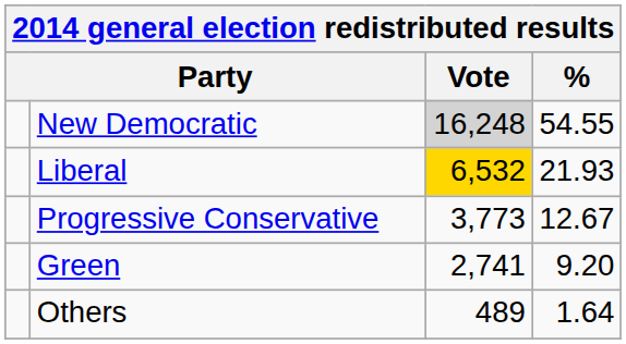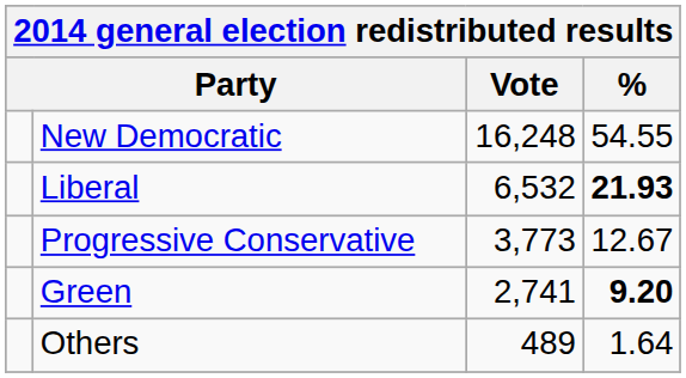 <table class="wikitable">
 <tr>
 <th colspan="4"><a href='#'>2014 general election</a> redistributed results</th>
 </tr>
 <tr>
 <th bgcolor="#DDDDFF" width="130px" colspan="2">Party</th>
 <th bgcolor="#DDDDFF" width="50px">Vote</th>
 <th bgcolor="#DDDDFF" width="30px">%</th>
 </tr>
 <tr>
 <td> </td>
 <td><a href='#'>New Democratic</a></td>
-<td align=right style="background: lightgrey;">16,248</td>
+<td align=right>16,248</td>
 <td align=right>54.55</td>
 </tr>
 <tr>
 <td> </td>
 <td><a href='#'>Liberal</a></td>
-<td align=right style="background: gold;">6,532</td>
-<td align=right>21.93</td>
+<td align=right>6,532</td>
+<td align=right><strong>21.93</strong></td>
 </tr>
 <tr>
 <td> </td>
 <td><a href='#'>Progressive Conservative</a></td>
 <td align=right>3,773</td>
 <td align=right>12.67</td>
 </tr>
 <tr>
 <td> </td>
 <td><a href='#'>Green</a></td>
 <td align=right>2,741</td>
-<td align=right>9.20</td>
+<td align=right><strong>9.20</strong></td>
 </tr>
 <tr>
 <td> </td>
 <td>Others</td>
 <td align=right>489</td>
 <td align=right>1.64</td>
 </tr>
 </table>
